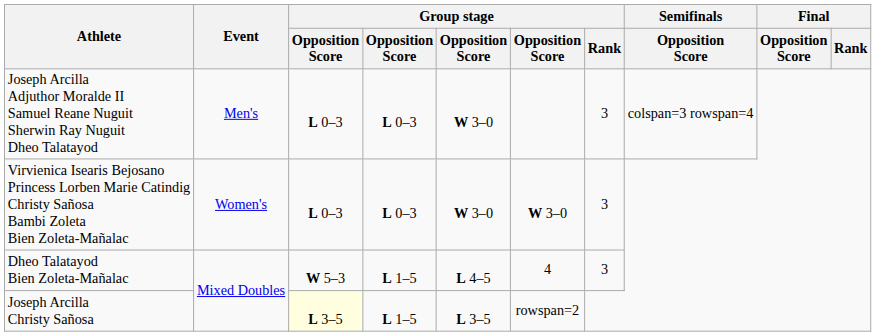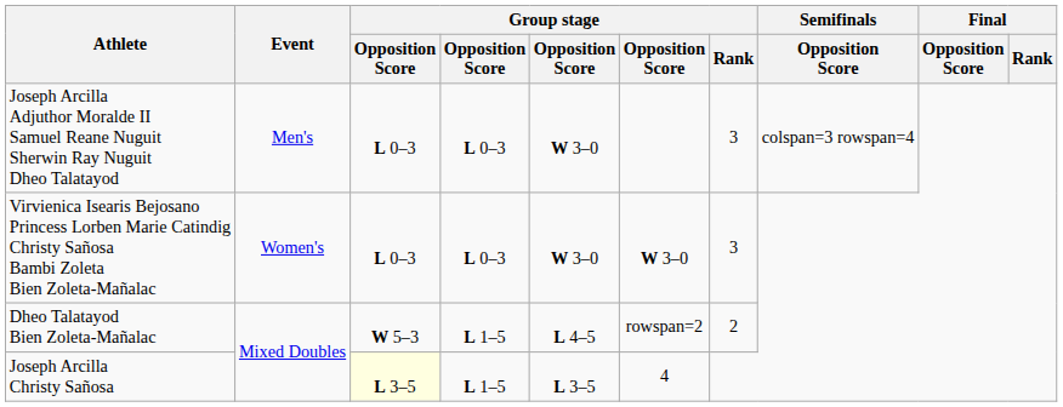 <table class=wikitable style="text-align:center; font-size:90%">
 <tr>
 <th rowspan=2>Athlete</th>
 <th rowspan=2>Event</th>
 <th colspan=5>Group stage</th>
 <th>Semifinals</th>
 <th colspan=2>Final</th>
 </tr>
 <tr>
 <th>Opposition<br>Score</th>
 <th>Opposition<br>Score</th>
 <th>Opposition<br>Score</th>
 <th>Opposition<br>Score</th>
 <th>Rank</th>
 <th>Opposition<br>Score</th>
 <th>Opposition<br>Score</th>
 <th>Rank</th>
 </tr>
 <tr>
 <td align=left>Joseph Arcilla<br>Adjuthor Moralde II<br>Samuel Reane Nuguit<br>Sherwin Ray Nuguit<br>Dheo Talatayod</td>
 <td><a href='#'>Men's</a></td>
 <td><br><strong>L</strong> 0–3</td>
 <td><br><strong>L</strong> 0–3</td>
 <td><br><strong>W</strong> 3–0</td>
 <td></td>
 <td>3</td>
 <td>colspan=3 rowspan=4 </td>
 </tr>
 <tr>
 <td align=left>Virvienica Isearis Bejosano<br>Princess Lorben Marie Catindig<br>Christy Sañosa<br>Bambi Zoleta<br>Bien Zoleta-Mañalac</td>
 <td><a href='#'>Women's</a></td>
 <td><br><strong>L</strong>  0–3</td>
 <td><br><strong>L</strong>  0–3</td>
 <td><br><strong>W</strong>  3–0</td>
 <td><br><strong>W</strong>  3–0</td>
 <td>3</td>
 </tr>
 <tr>
 <td align=left>Dheo Talatayod<br>Bien Zoleta-Mañalac</td>
 <td rowspan=2><a href='#'>Mixed Doubles</a></td>
 <td><br><strong>W</strong>  5–3</td>
 <td><br><strong>L</strong>   1–5</td>
 <td><br><strong>L</strong>   4–5</td>
-<td>4</td>
-<td>3</td>
+<td>rowspan=2 </td>
+<td>2</td>
 </tr>
 <tr>
 <td align=left>Joseph Arcilla<br>Christy Sañosa</td>
 <td style="background: lightyellow;"><br><strong>L</strong>  3–5</td>
 <td><br><strong>L</strong>   1–5</td>
 <td><br><strong>L</strong>   3–5</td>
-<td>rowspan=2 </td>
+<td>4</td>
 </tr>
 </table>
